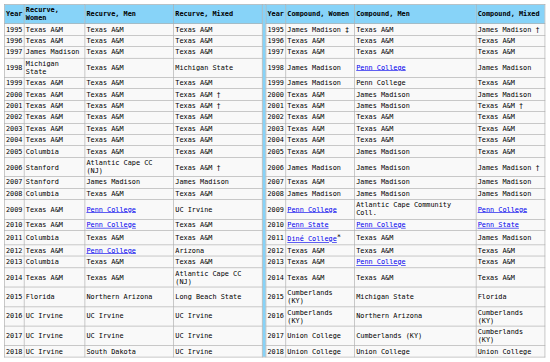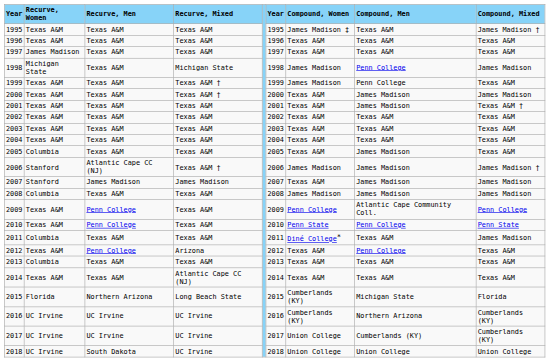 <table class="wikitable" style="font-size:85%;">
 <tr ! style="background-color: #87D3F8;">
 <td><strong>Year</strong></td>
 <td><strong>Recurve, Women</strong></td>
 <td><strong>Recurve, Men</strong></td>
 <td><strong>Recurve, Mixed</strong></td>
 <td rowspan=25></td>
 <td><strong>Year</strong></td>
 <td><strong>Compound, Women</strong></td>
 <td><strong>Compound, Men</strong></td>
 <td><strong>Compound, Mixed</strong></td>
 </tr>
 <tr --->
 <td>1995</td>
 <td>Texas A&M</td>
 <td>Texas A&M</td>
 <td>Texas A&M</td>
 <td>1995</td>
 <td>James Madison ‡</td>
 <td>Texas A&M</td>
 <td>James Madison †</td>
 </tr>
 <tr --->
 <td>1996</td>
 <td>Texas A&M</td>
 <td>Texas A&M</td>
 <td>Texas A&M</td>
 <td>1996</td>
 <td>Texas A&M</td>
 <td>Texas A&M</td>
 <td>Texas A&M</td>
 </tr>
 <tr --->
 <td>1997</td>
 <td>James Madison</td>
 <td>Texas A&M</td>
 <td>Texas A&M</td>
 <td>1997</td>
 <td>Texas A&M</td>
 <td>Texas A&M</td>
 <td>Texas A&M</td>
 </tr>
 <tr --->
 <td>1998</td>
 <td>Michigan State</td>
 <td>Texas A&M</td>
 <td>Michigan State</td>
 <td>1998</td>
 <td>James Madison</td>
 <td><a href='#'>Penn College</a></td>
 <td>James Madison</td>
 </tr>
 <tr --->
 <td>1999</td>
 <td>Texas A&M</td>
 <td>Texas A&M</td>
-<td>Texas A&M</td>
+<td>Texas A&M †</td>
 <td>1999</td>
 <td>James Madison</td>
 <td>Penn College</td>
 <td>Texas A&M</td>
 </tr>
 <tr --->
 <td>2000</td>
 <td>Texas A&M</td>
 <td>Texas A&M</td>
 <td>Texas A&M †</td>
 <td>2000</td>
 <td>Texas A&M</td>
 <td>James Madison</td>
 <td>James Madison</td>
 </tr>
 <tr --->
 <td>2001</td>
 <td>Texas A&M</td>
 <td>Texas A&M</td>
-<td>Texas A&M †</td>
+<td>Texas A&M</td>
 <td>2001</td>
 <td>Texas A&M</td>
 <td>James Madison</td>
 <td>Texas A&M †</td>
 </tr>
 <tr --->
 <td>2002</td>
 <td>Texas A&M</td>
 <td>Texas A&M</td>
 <td>Texas A&M</td>
 <td>2002</td>
 <td>Texas A&M</td>
 <td>Texas A&M</td>
 <td>Texas A&M</td>
 </tr>
 <tr --->
 <td>2003</td>
 <td>Texas A&M</td>
 <td>Texas A&M</td>
 <td>Texas A&M</td>
 <td>2003</td>
 <td>Texas A&M</td>
 <td>Texas A&M</td>
 <td>Texas A&M</td>
 </tr>
 <tr --->
 <td>2004</td>
 <td>Texas A&M</td>
 <td>Texas A&M</td>
 <td>Texas A&M</td>
 <td>2004</td>
 <td>Texas A&M</td>
 <td>Texas A&M</td>
 <td>Texas A&M</td>
 </tr>
 <tr --->
 <td>2005</td>
 <td>Columbia</td>
 <td>Texas A&M</td>
 <td>Texas A&M</td>
 <td>2005</td>
 <td>Texas A&M</td>
 <td>James Madison</td>
 <td>Texas A&M</td>
 </tr>
 <tr --->
 <td>2006</td>
 <td>Stanford</td>
 <td>Atlantic Cape CC (NJ)</td>
 <td>Texas A&M †</td>
 <td>2006</td>
 <td>James Madison</td>
 <td>James Madison</td>
 <td>James Madison †</td>
 </tr>
 <tr --->
 <td>2007</td>
 <td>Stanford</td>
 <td>James Madison</td>
 <td>James Madison</td>
 <td>2007</td>
 <td>Texas A&M</td>
 <td>James Madison</td>
 <td>James Madison</td>
 </tr>
 <tr --->
 <td>2008</td>
 <td>Columbia</td>
 <td>Texas A&M</td>
 <td>Texas A&M</td>
 <td>2008</td>
 <td>James Madison</td>
 <td>James Madison</td>
 <td>James Madison</td>
 </tr>
 <tr --->
 <td>2009</td>
 <td>Texas A&M</td>
 <td><a href='#'>Penn College</a></td>
-<td>UC Irvine</td>
+<td>Texas A&M</td>
 <td>2009</td>
 <td><a href='#'>Penn College</a></td>
 <td>Atlantic Cape Community Coll.</td>
 <td><a href='#'>Penn College</a></td>
 </tr>
 <tr --->
 <td>2010</td>
 <td>Texas A&M</td>
 <td><a href='#'>Penn College</a></td>
 <td>Texas A&M</td>
 <td>2010</td>
 <td><a href='#'>Penn State</a></td>
 <td><a href='#'>Penn College</a></td>
 <td><a href='#'>Penn State</a></td>
 </tr>
 <tr --->
 <td>2011</td>
 <td>Columbia</td>
 <td>Texas A&M</td>
 <td>Texas A&M</td>
 <td>2011</td>
 <td><a href='#'>Diné College</a><sup><big>∗</big></sup></td>
 <td>Texas A&M</td>
 <td>James Madison</td>
 </tr>
 <tr --->
 <td>2012</td>
 <td>Texas A&M</td>
 <td><a href='#'>Penn College</a></td>
 <td>Arizona</td>
 <td>2012</td>
 <td>Texas A&M</td>
-<td>Texas A&M</td>
+<td><a href='#'>Penn College</a></td>
 <td>Texas A&M</td>
 </tr>
 <tr --->
 <td>2013</td>
 <td>Columbia</td>
 <td>Texas A&M</td>
 <td>Texas A&M</td>
 <td>2013</td>
 <td>Texas A&M</td>
-<td><a href='#'>Penn College</a></td>
+<td>Texas A&M</td>
 <td>Texas A&M</td>
 </tr>
 <tr --->
 <td>2014</td>
 <td>Texas A&M</td>
 <td>Texas A&M</td>
 <td>Atlantic Cape CC (NJ)</td>
 <td>2014</td>
 <td>Texas A&M</td>
 <td>Texas A&M</td>
 <td>Texas A&M</td>
 </tr>
 <tr --->
 <td>2015</td>
 <td>Florida</td>
 <td>Northern Arizona</td>
 <td>Long Beach State</td>
 <td>2015</td>
 <td>Cumberlands (KY)</td>
 <td>Michigan State</td>
 <td>Florida</td>
 </tr>
 <tr --->
 <td>2016</td>
 <td>UC Irvine</td>
 <td>UC Irvine</td>
 <td>UC Irvine</td>
 <td>2016</td>
 <td>Cumberlands (KY)</td>
 <td>Northern Arizona</td>
 <td>Cumberlands (KY)</td>
 </tr>
 <tr --->
 <td>2017</td>
 <td>UC Irvine</td>
 <td>UC Irvine</td>
 <td>UC Irvine</td>
 <td>2017</td>
 <td>Union College</td>
 <td>Cumberlands (KY)</td>
 <td>Cumberlands (KY)</td>
 </tr>
 <tr --->
 <td>2018</td>
 <td>UC Irvine</td>
 <td>South Dakota</td>
 <td>UC Irvine</td>
 <td>2018</td>
 <td>Union College</td>
 <td>Union College</td>
 <td>Union College</td>
 </tr>
 </table>
